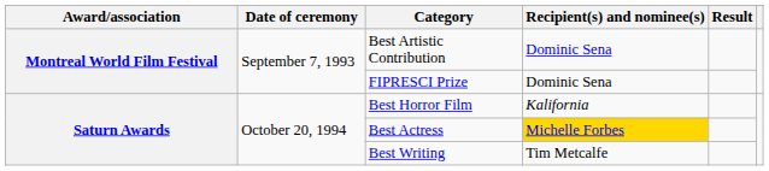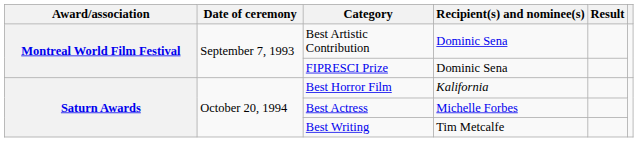 <table class="wikitable plainrowheaders sortable">
 <tr>
 <th scope="col" style="width:15em;">Award/association</th>
 <th scope="col" style="width:8em;">Date of ceremony</th>
 <th scope="col" style="width:10em;">Category</th>
 <th scope="col">Recipient(s) and nominee(s)</th>
 <th scope="col">Result</th>
 <th scope="col" class="unsortable"></th>
 </tr>
 <tr>
 <th scope="row" rowspan="2"><a href='#'>Montreal World Film Festival</a></th>
 <td rowspan="2">September 7, 1993</td>
 <td>Best Artistic Contribution</td>
 <td><a href='#'>Dominic Sena</a></td>
 <td></td>
 <td rowspan="2" style="text-align:center;"></td>
 </tr>
 <tr>
 <td><a href='#'>FIPRESCI Prize</a></td>
 <td>Dominic Sena</td>
 <td></td>
 </tr>
 <tr>
 <th scope="row" rowspan="3"><a href='#'>Saturn Awards</a></th>
 <td rowspan="3">October 20, 1994</td>
 <td><a href='#'>Best Horror Film</a></td>
 <td><em>Kalifornia</em></td>
 <td></td>
 <td rowspan="3" style="text-align:center;"></td>
 </tr>
 <tr>
 <td><a href='#'>Best Actress</a></td>
-<td style="background: gold;"><a href='#'>Michelle Forbes</a></td>
+<td><a href='#'>Michelle Forbes</a></td>
 <td></td>
 </tr>
 <tr>
 <td><a href='#'>Best Writing</a></td>
 <td>Tim Metcalfe</td>
 <td></td>
 </tr>
 </table>
